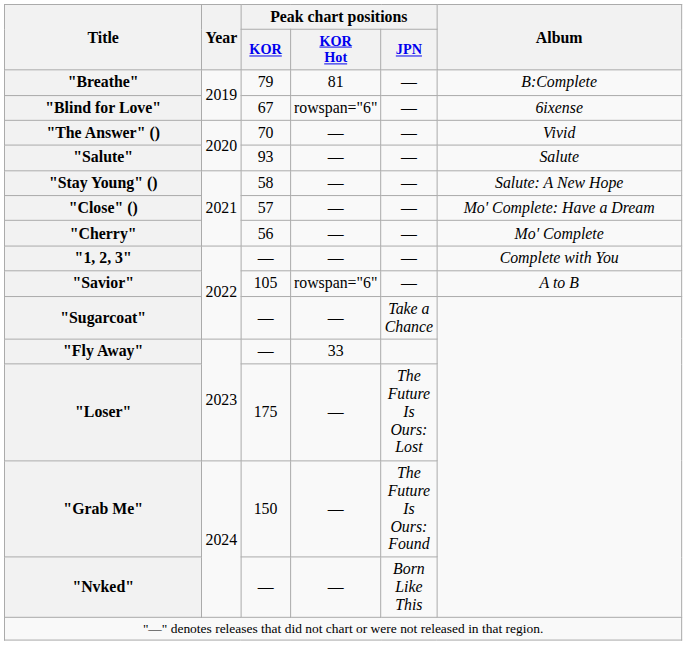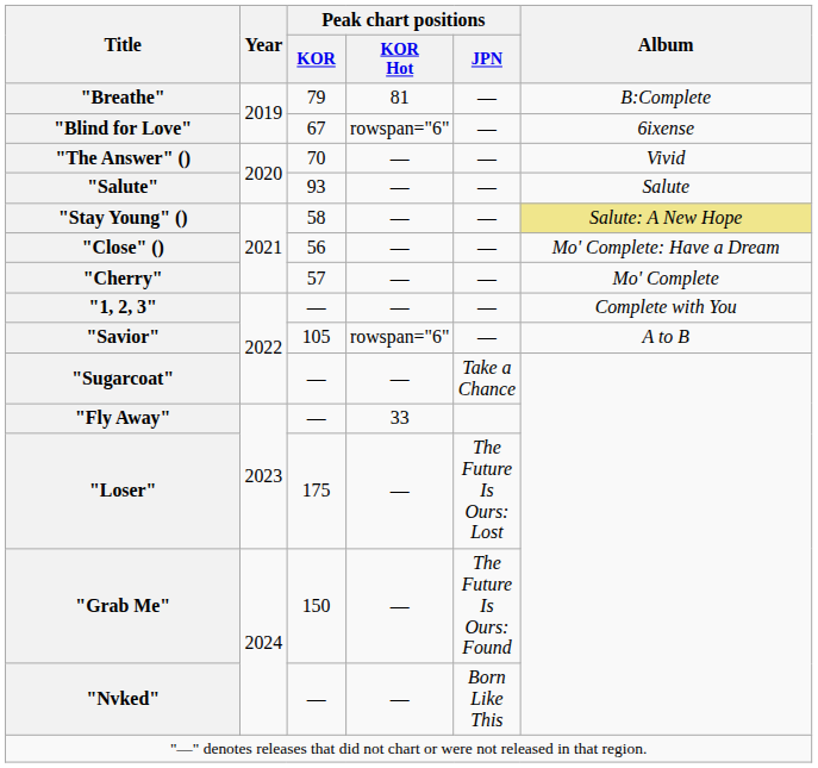 <table class="wikitable plainrowheaders" style="text-align:center;">
 <tr>
 <th scope="col" rowspan="2" style="width:12em;">Title</th>
 <th scope="col" rowspan="2" style="width:2em;">Year</th>
 <th scope="col" colspan="3">Peak chart positions</th>
 <th scope="col" rowspan="2" style="width:15em;">Album</th>
 </tr>
 <tr>
 <th scope="col" style="width:3em;font-size:90%;"><a href='#'>KOR</a><br></th>
 <th scope="col" style="width:3em;font-size:90%;"><a href='#'>KOR<br>Hot</a><br></th>
 <th scope="col" style="width:3em;font-size:90%;"><a href='#'>JPN</a><br></th>
 </tr>
 <tr>
 <th scope="row">"Breathe"</th>
 <td rowspan="2">2019</td>
 <td>79</td>
 <td>81</td>
 <td>—</td>
 <td><em>B:Complete</em></td>
 </tr>
 <tr>
 <th scope="row">"Blind for Love"</th>
 <td>67</td>
 <td>rowspan="6" </td>
 <td>—</td>
 <td><em>6ixense</em></td>
 </tr>
 <tr>
 <th scope="row">"The Answer" ()</th>
 <td rowspan="2">2020</td>
 <td>70</td>
 <td>—</td>
 <td>—</td>
 <td><em>Vivid</em></td>
 </tr>
 <tr>
 <th scope="row">"Salute"</th>
 <td>93</td>
 <td>—</td>
 <td>—</td>
 <td><em>Salute</em></td>
 </tr>
 <tr>
 <th scope="row">"Stay Young" ()</th>
 <td rowspan="3">2021</td>
 <td>58</td>
 <td>—</td>
 <td>—</td>
-<td><em>Salute: A New Hope</em></td>
+<td style="background: khaki;"><em>Salute: A New Hope</em></td>
 </tr>
 <tr>
 <th scope="row">"Close" ()</th>
-<td>57</td>
+<td>56</td>
 <td>—</td>
 <td>—</td>
 <td><em>Mo' Complete: Have a Dream</em></td>
 </tr>
 <tr>
 <th scope="row">"Cherry"</th>
-<td>56</td>
+<td>57</td>
 <td>—</td>
 <td>—</td>
 <td><em>Mo' Complete</em></td>
 </tr>
 <tr>
 <th scope="row">"1, 2, 3"</th>
 <td rowspan="3">2022</td>
 <td>—</td>
 <td>—</td>
 <td>—</td>
 <td><em>Complete with You</em></td>
 </tr>
 <tr>
 <th scope="row">"Savior"</th>
 <td>105</td>
 <td>rowspan="6" </td>
 <td>—</td>
 <td><em>A to B</em></td>
 </tr>
 <tr>
 <th scope="row">"Sugarcoat"</th>
 <td>—</td>
 <td>—</td>
 <td><em>Take a Chance</em></td>
 </tr>
 <tr>
 <th scope="row">"Fly Away"</th>
 <td rowspan="2">2023</td>
 <td>—</td>
 <td>33</td>
 <td></td>
 </tr>
 <tr>
 <th scope="row">"Loser"</th>
 <td>175</td>
 <td>—</td>
 <td><em>The Future Is Ours: Lost</em></td>
 </tr>
 <tr>
 <th scope="row">"Grab Me"</th>
 <td rowspan="2">2024</td>
 <td>150</td>
 <td>—</td>
 <td><em>The Future Is Ours: Found</em></td>
 </tr>
 <tr>
 <th scope="row">"Nvked"</th>
 <td>—</td>
 <td>—</td>
 <td><em>Born Like This</em></td>
 </tr>
 <tr>
 <td colspan="6" style="font-size:85%">"—" denotes releases that did not chart or were not released in that region.</td>
 </tr>
 </table>
